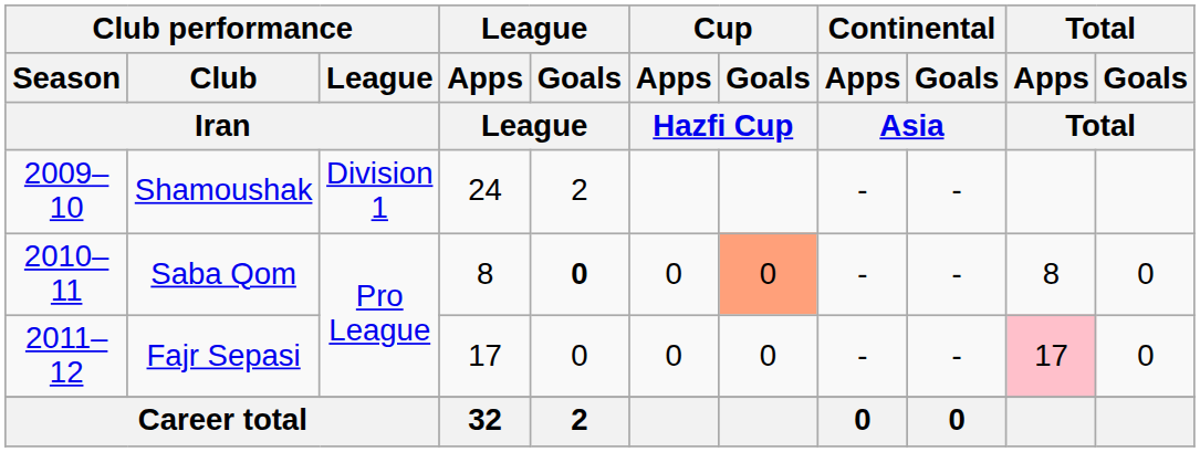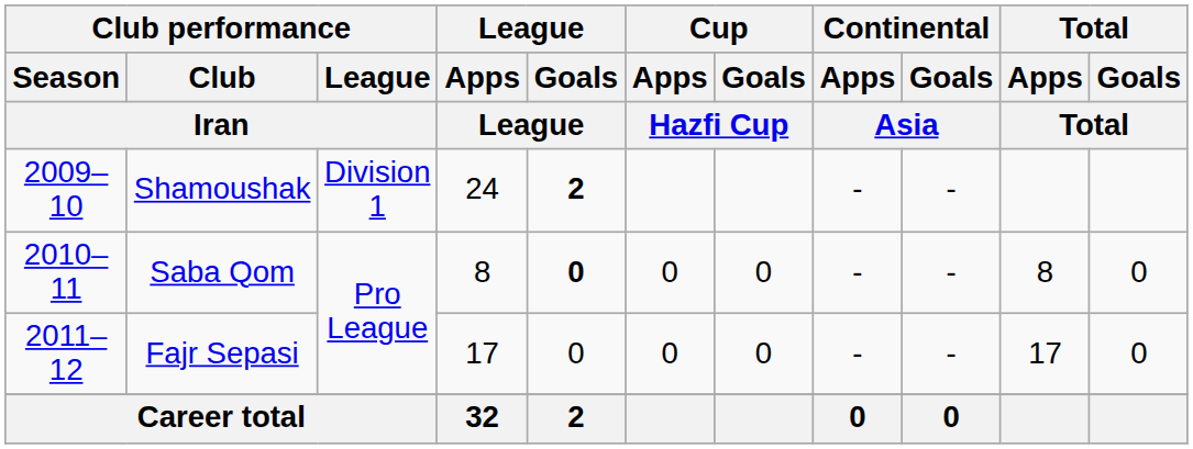 <table class="wikitable" style="text-align:center">
 <tr>
 <th colspan=3>Club performance</th>
 <th colspan=2>League</th>
 <th colspan=2>Cup</th>
 <th colspan=2>Continental</th>
 <th colspan=2>Total</th>
 </tr>
 <tr>
 <th>Season</th>
 <th>Club</th>
 <th>League</th>
 <th>Apps</th>
 <th>Goals</th>
 <th>Apps</th>
 <th>Goals</th>
 <th>Apps</th>
 <th>Goals</th>
 <th>Apps</th>
 <th>Goals</th>
 </tr>
 <tr>
 <th colspan=3>Iran</th>
 <th colspan=2>League</th>
 <th colspan=2><a href='#'>Hazfi Cup</a></th>
 <th colspan=2><a href='#'>Asia</a></th>
 <th colspan=2>Total</th>
 </tr>
 <tr>
 <td><a href='#'>2009–10</a></td>
 <td><a href='#'>Shamoushak</a></td>
 <td><a href='#'>Division 1</a></td>
 <td>24</td>
-<td>2</td>
+<td><strong>2</strong></td>
 <td></td>
 <td></td>
 <td>-</td>
 <td>-</td>
 <td></td>
 <td></td>
 </tr>
 <tr>
 <td><a href='#'>2010–11</a></td>
 <td><a href='#'>Saba Qom</a></td>
 <td rowspan="2"><a href='#'>Pro League</a></td>
 <td>8</td>
 <td><strong>0</strong></td>
 <td>0</td>
-<td style="background: lightsalmon;">0</td>
+<td>0</td>
 <td>-</td>
 <td>-</td>
 <td>8</td>
 <td>0</td>
 </tr>
 <tr>
 <td><a href='#'>2011–12</a></td>
 <td><a href='#'>Fajr Sepasi</a></td>
 <td>17</td>
 <td>0</td>
 <td>0</td>
 <td>0</td>
 <td>-</td>
 <td>-</td>
-<td style="background: pink;">17</td>
+<td>17</td>
 <td>0</td>
 </tr>
 <tr>
 </tr>
 <tr>
 <th colspan=3>Career total</th>
 <th>32</th>
 <th>2</th>
 <th></th>
 <th></th>
 <th>0</th>
 <th>0</th>
 <th></th>
 <th></th>
 </tr>
 </table>
